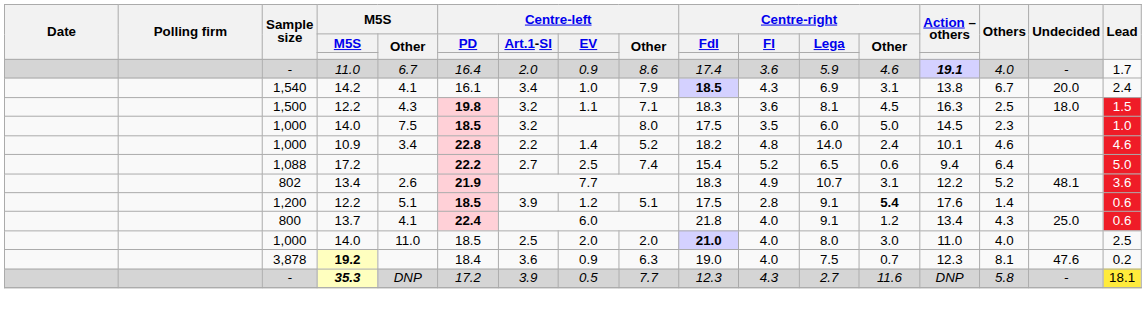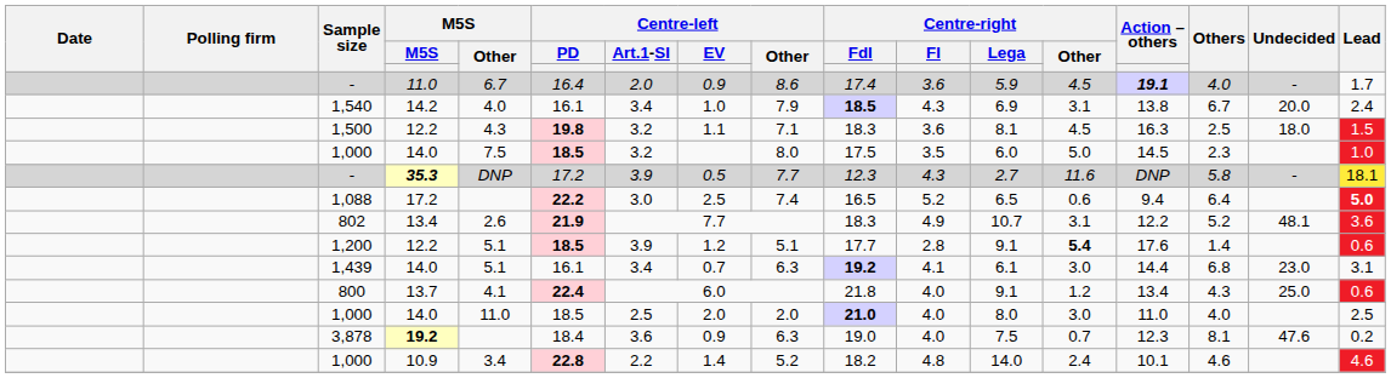 <table class=wikitable style="text-align:center;font-size:85%;line-height:13px">
 <tr style="height:30px; background-color:#E9E9E9">
 <th style="width:110px;" rowspan="3">Date</th>
 <th style="width:140px;" rowspan="3">Polling firm</th>
 <th style="width:50px;" rowspan="3">Sample size</th>
 <th colspan="2" style="width:35px;">M5S</th>
 <th colspan="4" style="width:35px;"><a href='#'>Centre-left</a></th>
 <th colspan="4" style="width:35px;"><a href='#'>Centre-right</a></th>
 <th rowspan="2" style="width:55px;"><a href='#'>Action</a> – others</th>
 <th style="width:35px;" rowspan="3">Others</th>
 <th style="width:35px;" rowspan="3">Undecided</th>
 <th style="width:25px;" rowspan="3">Lead</th>
 </tr>
 <tr>
 <th style="width:55px;"><a href='#'>M5S</a></th>
 <th rowspan="2" style="width:55px;">Other</th>
 <th style="width:55px;"><a href='#'>PD</a></th>
 <th style="width:55px;"><a href='#'>Art.1</a>-<a href='#'>SI</a></th>
 <th style="width:55px;"><a href='#'>EV</a></th>
 <th rowspan="2" style="width:55px;">Other</th>
 <th style="width:55px;"><a href='#'>FdI</a></th>
 <th style="width:55px;"><a href='#'>FI</a></th>
 <th style="width:55px;"><a href='#'>Lega</a></th>
 <th rowspan="2" style="width:55px;">Other</th>
 </tr>
 <tr>
 <th style="color:inherit;background:"></th>
 <th style="color:inherit;background:"></th>
 <th style="color:inherit;background:"></th>
 <th style="color:inherit;background:"></th>
 <th style="color:inherit;background:"></th>
 <th style="color:inherit;background:"></th>
 <th style="color:inherit;background:"></th>
 <th style="color:inherit;background:"></th>
 </tr>
 <tr>
 <td style="background:#D5D5D5"></td>
 <td style="background:#D5D5D5"></td>
 <td style="background:#D5D5D5"><em>-</em></td>
 <td style="background:#D5D5D5"><em>11.0</em></td>
 <td style="background:#D5D5D5"><em>6.7</em></td>
 <td style="background:#D5D5D5"><em>16.4</em></td>
 <td style="background:#D5D5D5"><em>2.0</em></td>
 <td style="background:#D5D5D5"><em>0.9</em></td>
 <td style="background:#D5D5D5"><em>8.6</em></td>
 <td style="background:#D5D5D5"><em>17.4</em></td>
 <td style="background:#D5D5D5"><em>3.6</em></td>
 <td style="background:#D5D5D5"><em>5.9</em></td>
-<td style="background:#D5D5D5"><em>4.6</em></td>
+<td style="background:#D5D5D5"><em>4.5</em></td>
 <td style="background:#D4D1FF"><strong><em>19.1</em></strong></td>
 <td style="background:#D5D5D5"><em>4.0</em></td>
 <td style="background:#D5D5D5"><em>-</em></td>
 <td style="background:">1.7</td>
 </tr>
 <tr>
 <td></td>
 <td></td>
 <td>1,540</td>
 <td>14.2</td>
-<td>4.1</td>
+<td>4.0</td>
 <td>16.1</td>
 <td>3.4</td>
 <td>1.0</td>
 <td>7.9</td>
 <td style="background:#D4D1FF"><strong>18.5</strong></td>
 <td>4.3</td>
 <td>6.9</td>
 <td>3.1</td>
 <td>13.8</td>
 <td>6.7</td>
 <td>20.0</td>
 <td style="background:">2.4</td>
 </tr>
 <tr>
 <td></td>
 <td></td>
 <td>1,500</td>
 <td>12.2</td>
 <td>4.3</td>
 <td style="background:#FFD0D7"><strong>19.8</strong></td>
 <td>3.2</td>
 <td>1.1</td>
 <td>7.1</td>
 <td>18.3</td>
 <td>3.6</td>
 <td>8.1</td>
 <td>4.5</td>
 <td>16.3</td>
 <td>2.5</td>
 <td>18.0</td>
 <td style="background:#EF1C27; color:white;">1.5</td>
 </tr>
 <tr>
 <td></td>
 <td></td>
 <td>1,000</td>
 <td>14.0</td>
 <td>7.5</td>
 <td style="background:#FFD0D7"><strong>18.5</strong></td>
 <td>3.2</td>
 <td></td>
 <td>8.0</td>
 <td>17.5</td>
 <td>3.5</td>
 <td>6.0</td>
 <td>5.0</td>
 <td>14.5</td>
 <td>2.3</td>
 <td></td>
 <td style="background:#EF1C27; color:white;">1.0</td>
 </tr>
 <tr>
-<td></td>
-<td></td>
-<td>1,000</td>
-<td>10.9</td>
-<td>3.4</td>
-<td style="background:#FFD0D7"><strong>22.8</strong></td>
-<td>2.2</td>
-<td>1.4</td>
-<td>5.2</td>
-<td>18.2</td>
-<td>4.8</td>
-<td>14.0</td>
-<td>2.4</td>
-<td>10.1</td>
-<td>4.6</td>
-<td></td>
-<td style="background:#EF1C27; color:white;">4.6</td>
+<td style="background:#D5D5D5"></td>
+<td style="background:#D5D5D5"></td>
+<td style="background:#D5D5D5"><em>-</em></td>
+<td style="background:#FFFFBF"><strong><em>35.3</em></strong></td>
+<td style="background:#D5D5D5"><em>DNP</em></td>
+<td style="background:#D5D5D5"><em>17.2</em></td>
+<td style="background:#D5D5D5"><em>3.9</em></td>
+<td style="background:#D5D5D5"><em>0.5</em></td>
+<td style="background:#D5D5D5"><em>7.7</em></td>
+<td style="background:#D5D5D5"><em>12.3</em></td>
+<td style="background:#D5D5D5"><em>4.3</em></td>
+<td style="background:#D5D5D5"><em>2.7</em></td>
+<td style="background:#D5D5D5"><em>11.6</em></td>
+<td style="background:#D5D5D5"><em>DNP</em></td>
+<td style="background:#D5D5D5"><em>5.8</em></td>
+<td style="background:#D5D5D5"><em>-</em></td>
+<td style="background:#FFEB3B">18.1</td>
 </tr>
 <tr>
 <td></td>
 <td></td>
 <td>1,088</td>
 <td>17.2</td>
 <td></td>
 <td style="background:#FFD0D7"><strong>22.2</strong></td>
-<td>2.7</td>
+<td>3.0</td>
 <td>2.5</td>
 <td>7.4</td>
-<td>15.4</td>
+<td>16.5</td>
 <td>5.2</td>
 <td>6.5</td>
 <td>0.6</td>
 <td>9.4</td>
 <td>6.4</td>
 <td></td>
-<td style="background:#EF1C27; color:white;">5.0</td>
+<td style="background:#EF1C27; color:white;"><strong>5.0</strong></td>
 </tr>
 <tr>
 <td></td>
 <td></td>
 <td>802</td>
 <td>13.4</td>
 <td>2.6</td>
 <td style="background:#FFD0D7"><strong>21.9</strong></td>
 <td colspan=3>7.7</td>
 <td>18.3</td>
 <td>4.9</td>
 <td>10.7</td>
 <td>3.1</td>
 <td>12.2</td>
 <td>5.2</td>
 <td>48.1</td>
 <td style="background:#EF1C27; color:white;">3.6</td>
 </tr>
 <tr>
 <td></td>
 <td></td>
 <td>1,200</td>
 <td>12.2</td>
 <td>5.1</td>
 <td style="background:#FFD0D7"><strong>18.5</strong></td>
 <td>3.9</td>
 <td>1.2</td>
 <td>5.1</td>
-<td>17.5</td>
+<td>17.7</td>
 <td>2.8</td>
 <td>9.1</td>
 <td><strong>5.4</strong></td>
 <td>17.6</td>
 <td>1.4</td>
 <td></td>
 <td style="background:#EF1C27; color:white;">0.6</td>
+</tr>
+<tr>
+<td></td>
+<td></td>
+<td>1,439</td>
+<td>14.0</td>
+<td>5.1</td>
+<td>16.1</td>
+<td>3.4</td>
+<td>0.7</td>
+<td>6.3</td>
+<td style="background:#D4D1FF"><strong>19.2</strong></td>
+<td>4.1</td>
+<td>6.1</td>
+<td>3.0</td>
+<td>14.4</td>
+<td>6.8</td>
+<td>23.0</td>
+<td style="background:">3.1</td>
 </tr>
 <tr>
 <td></td>
 <td></td>
 <td>800</td>
 <td>13.7</td>
 <td>4.1</td>
 <td style="background:#FFD0D7"><strong>22.4</strong></td>
 <td colspan=3>6.0</td>
 <td>21.8</td>
 <td>4.0</td>
 <td>9.1</td>
 <td>1.2</td>
 <td>13.4</td>
 <td>4.3</td>
 <td>25.0</td>
 <td style="background:#EF1C27; color:white;">0.6</td>
 </tr>
 <tr>
 <td></td>
 <td></td>
 <td>1,000</td>
 <td>14.0</td>
 <td>11.0</td>
 <td>18.5</td>
 <td>2.5</td>
 <td>2.0</td>
 <td>2.0</td>
 <td style="background:#D4D1FF"><strong>21.0</strong></td>
 <td>4.0</td>
 <td>8.0</td>
 <td>3.0</td>
 <td>11.0</td>
 <td>4.0</td>
 <td></td>
 <td style="background:">2.5</td>
 </tr>
 <tr>
 <td></td>
 <td></td>
 <td>3,878</td>
 <td style="background:#FFFFBF"><strong>19.2</strong></td>
 <td></td>
 <td>18.4</td>
 <td>3.6</td>
 <td>0.9</td>
 <td>6.3</td>
 <td>19.0</td>
 <td>4.0</td>
 <td>7.5</td>
 <td>0.7</td>
 <td>12.3</td>
 <td>8.1</td>
 <td>47.6</td>
 <td style="background:">0.2</td>
 </tr>
 <tr>
-<td style="background:#D5D5D5"></td>
-<td style="background:#D5D5D5"></td>
-<td style="background:#D5D5D5"><em>-</em></td>
-<td style="background:#FFFFBF"><strong><em>35.3</em></strong></td>
-<td style="background:#D5D5D5"><em>DNP</em></td>
-<td style="background:#D5D5D5"><em>17.2</em></td>
-<td style="background:#D5D5D5"><em>3.9</em></td>
-<td style="background:#D5D5D5"><em>0.5</em></td>
-<td style="background:#D5D5D5"><em>7.7</em></td>
-<td style="background:#D5D5D5"><em>12.3</em></td>
-<td style="background:#D5D5D5"><em>4.3</em></td>
-<td style="background:#D5D5D5"><em>2.7</em></td>
-<td style="background:#D5D5D5"><em>11.6</em></td>
-<td style="background:#D5D5D5"><em>DNP</em></td>
-<td style="background:#D5D5D5"><em>5.8</em></td>
-<td style="background:#D5D5D5"><em>-</em></td>
-<td style="background:#FFEB3B">18.1</td>
+<td></td>
+<td></td>
+<td>1,000</td>
+<td>10.9</td>
+<td>3.4</td>
+<td style="background:#FFD0D7"><strong>22.8</strong></td>
+<td>2.2</td>
+<td>1.4</td>
+<td>5.2</td>
+<td>18.2</td>
+<td>4.8</td>
+<td>14.0</td>
+<td>2.4</td>
+<td>10.1</td>
+<td>4.6</td>
+<td></td>
+<td style="background:#EF1C27; color:white;">4.6</td>
 </tr>
 <tr>
 </tr>
 </table>
